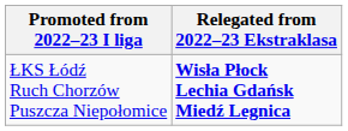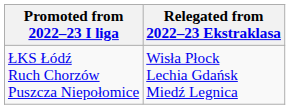 <table class="wikitable">
 <tr>
 <th>Promoted from<br><a href='#'>2022–23 I liga</a></th>
 <th>Relegated from<br><a href='#'>2022–23 Ekstraklasa</a></th>
 </tr>
 <tr>
 <td> <a href='#'>ŁKS Łódź</a> <br> <a href='#'>Ruch Chorzów</a> <br> <a href='#'>Puszcza Niepołomice</a> </td>
-<td><strong> <a href='#'>Wisła Płock</a> <br> <a href='#'>Lechia Gdańsk</a> <br> <a href='#'>Miedź Legnica</a> </strong></td>
+<td> <a href='#'>Wisła Płock</a> <br> <a href='#'>Lechia Gdańsk</a> <br> <a href='#'>Miedź Legnica</a> </td>
 </tr>
 </table>
